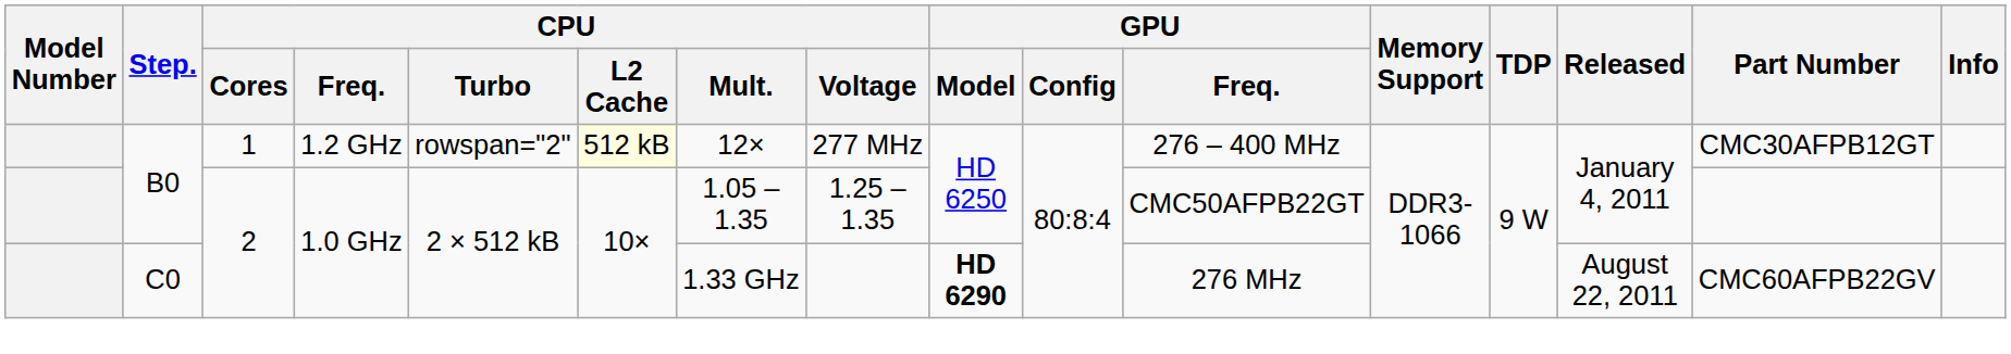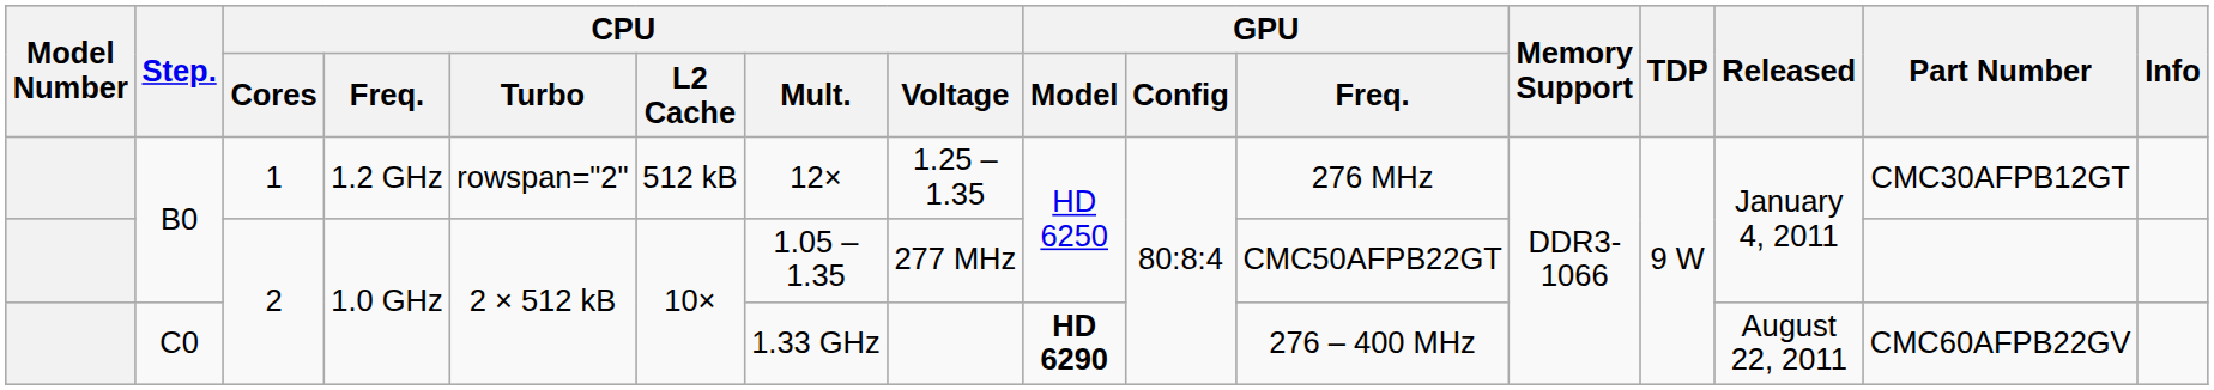 <table class="wikitable" style="text-align: center;">
 <tr>
 <th rowspan="2">Model Number</th>
 <th rowspan="2"><a href='#'>Step.</a></th>
 <th colspan="6">CPU</th>
 <th colspan="3">GPU</th>
 <th rowspan="2">Memory<br>Support</th>
 <th rowspan="2">TDP</th>
 <th rowspan="2">Released</th>
 <th rowspan="2">Part Number</th>
 <th rowspan="2">Info</th>
 </tr>
 <tr>
 <th>Cores</th>
 <th>Freq.</th>
 <th>Turbo</th>
 <th>L2 Cache</th>
 <th>Mult.</th>
 <th>Voltage</th>
 <th>Model</th>
 <th>Config</th>
 <th>Freq.</th>
 </tr>
 <tr>
 <th style="text-align: left;"></th>
 <td rowspan="2">B0</td>
 <td>1</td>
 <td>1.2 GHz</td>
 <td>rowspan="2" </td>
-<td style="background: lightyellow;">512 kB</td>
+<td>512 kB</td>
 <td>12×</td>
-<td>277 MHz</td>
+<td>1.25 – 1.35</td>
 <td rowspan="2"><a href='#'>HD 6250</a></td>
 <td rowspan="3">80:8:4</td>
-<td>276 – 400 MHz</td>
+<td>276 MHz</td>
 <td rowspan="3">DDR3-1066</td>
 <td rowspan="3">9 W</td>
 <td rowspan="2">January 4, 2011</td>
 <td>CMC30AFPB12GT</td>
 <td></td>
 </tr>
 <tr>
 <th style="text-align: left;"></th>
 <td rowspan="2">2</td>
 <td rowspan="2">1.0 GHz</td>
 <td rowspan="2">2 × 512 kB</td>
 <td rowspan="2">10×</td>
 <td>1.05 – 1.35</td>
-<td>1.25 – 1.35</td>
+<td>277 MHz</td>
 <td>CMC50AFPB22GT</td>
 <td></td>
 </tr>
 <tr>
 <th style="text-align: left;"></th>
 <td>C0</td>
 <td>1.33 GHz</td>
 <td></td>
 <td><strong>HD 6290</strong></td>
-<td>276 MHz</td>
+<td>276 – 400 MHz</td>
 <td>August 22, 2011</td>
 <td>CMC60AFPB22GV</td>
 <td></td>
 </tr>
 </table>
